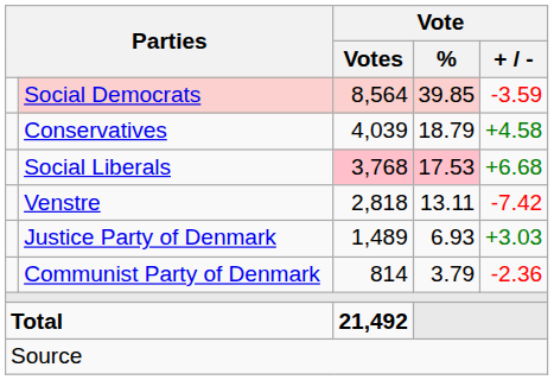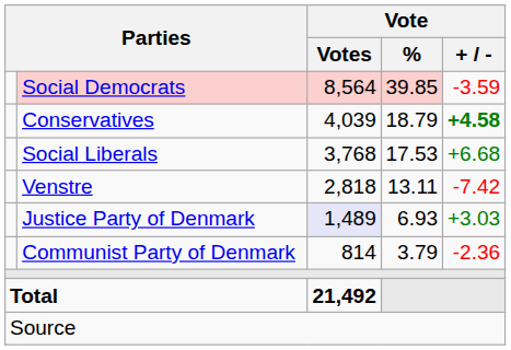 <table class="wikitable" style="text-align:right;">
 <tr>
 <th style="text-align:centre;" rowspan="2" colspan="2" width="225">Parties</th>
 <th colspan="3">Vote</th>
 </tr>
 <tr>
 <th width="15">Votes</th>
 <th width="15">%</th>
 <th width="15">+ / -</th>
 </tr>
 <tr>
 <td width="2" style="color:inherit;background:"></td>
 <td bgcolor=#fbd0ce  align="left"><a href='#'>Social Democrats</a></td>
 <td bgcolor=#fbd0ce>8,564</td>
 <td bgcolor=#fbd0ce>39.85</td>
 <td style=color:red;>-3.59</td>
 </tr>
 <tr>
 <td width="2" style="color:inherit;background:"></td>
 <td align="left"><a href='#'>Conservatives</a></td>
 <td>4,039</td>
 <td>18.79</td>
-<td style=color:green;>+4.58</td>
+<td style=color:green;><strong>+4.58</strong></td>
 </tr>
 <tr>
 <td width="2" style="color:inherit;background:"></td>
 <td align="left"><a href='#'>Social Liberals</a></td>
-<td style="background: pink;">3,768</td>
-<td style="background: pink;">17.53</td>
+<td>3,768</td>
+<td>17.53</td>
 <td style=color:green;>+6.68</td>
 </tr>
 <tr>
 <td width="2" style="color:inherit;background:"></td>
 <td align="left"><a href='#'>Venstre</a></td>
 <td>2,818</td>
 <td>13.11</td>
 <td style=color:red;>-7.42</td>
 </tr>
 <tr>
 <td width="2" style="color:inherit;background:"></td>
 <td align="left"><a href='#'>Justice Party of Denmark</a></td>
-<td>1,489</td>
+<td style="background: lavender;">1,489</td>
 <td>6.93</td>
 <td style=color:green;>+3.03</td>
 </tr>
 <tr>
 <td width="2" style="color:inherit;background:"></td>
 <td align="left"><a href='#'>Communist Party of Denmark</a></td>
 <td>814</td>
 <td>3.79</td>
 <td style=color:red;>-2.36</td>
 </tr>
 <tr>
 <td colspan="7" bgcolor="#E9E9E9"></td>
 </tr>
 <tr>
 <td align="left" colspan="2"><strong>Total</strong></td>
 <td><strong>21,492</strong></td>
 <td bgcolor="#E9E9E9" colspan="2"></td>
 </tr>
 <tr>
 <td align="left" colspan="6">Source</td>
 </tr>
 </table>
